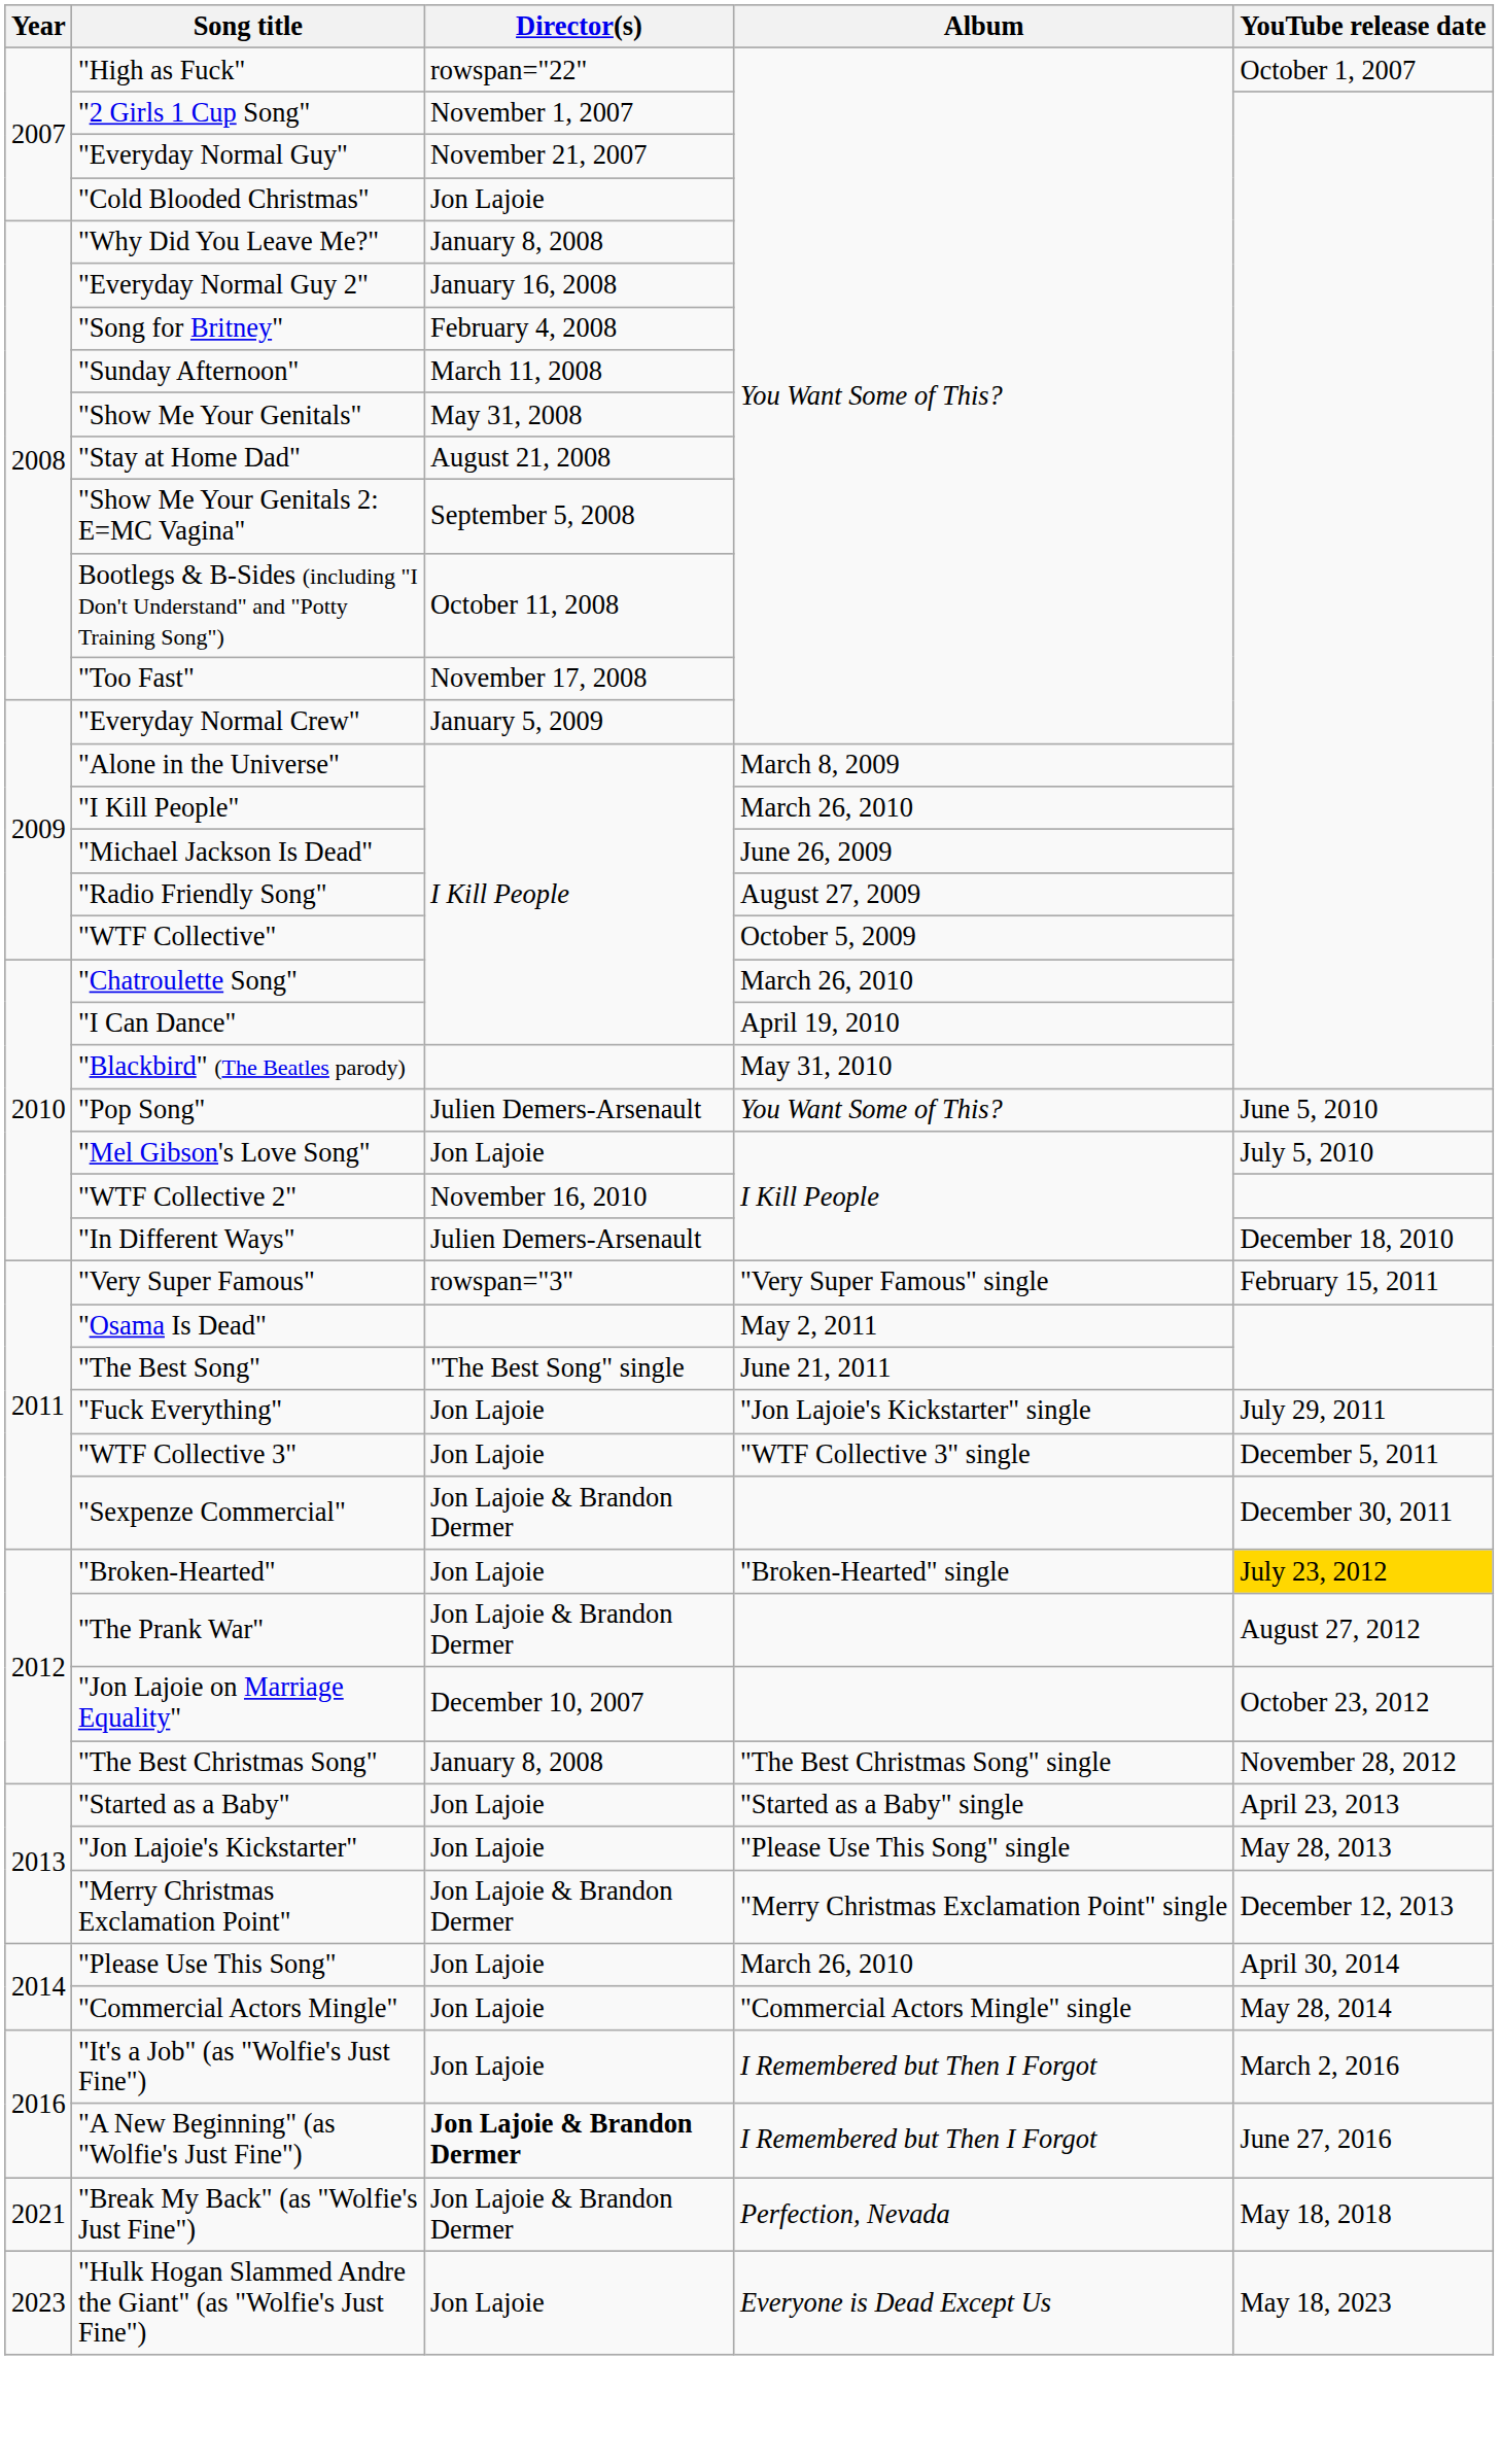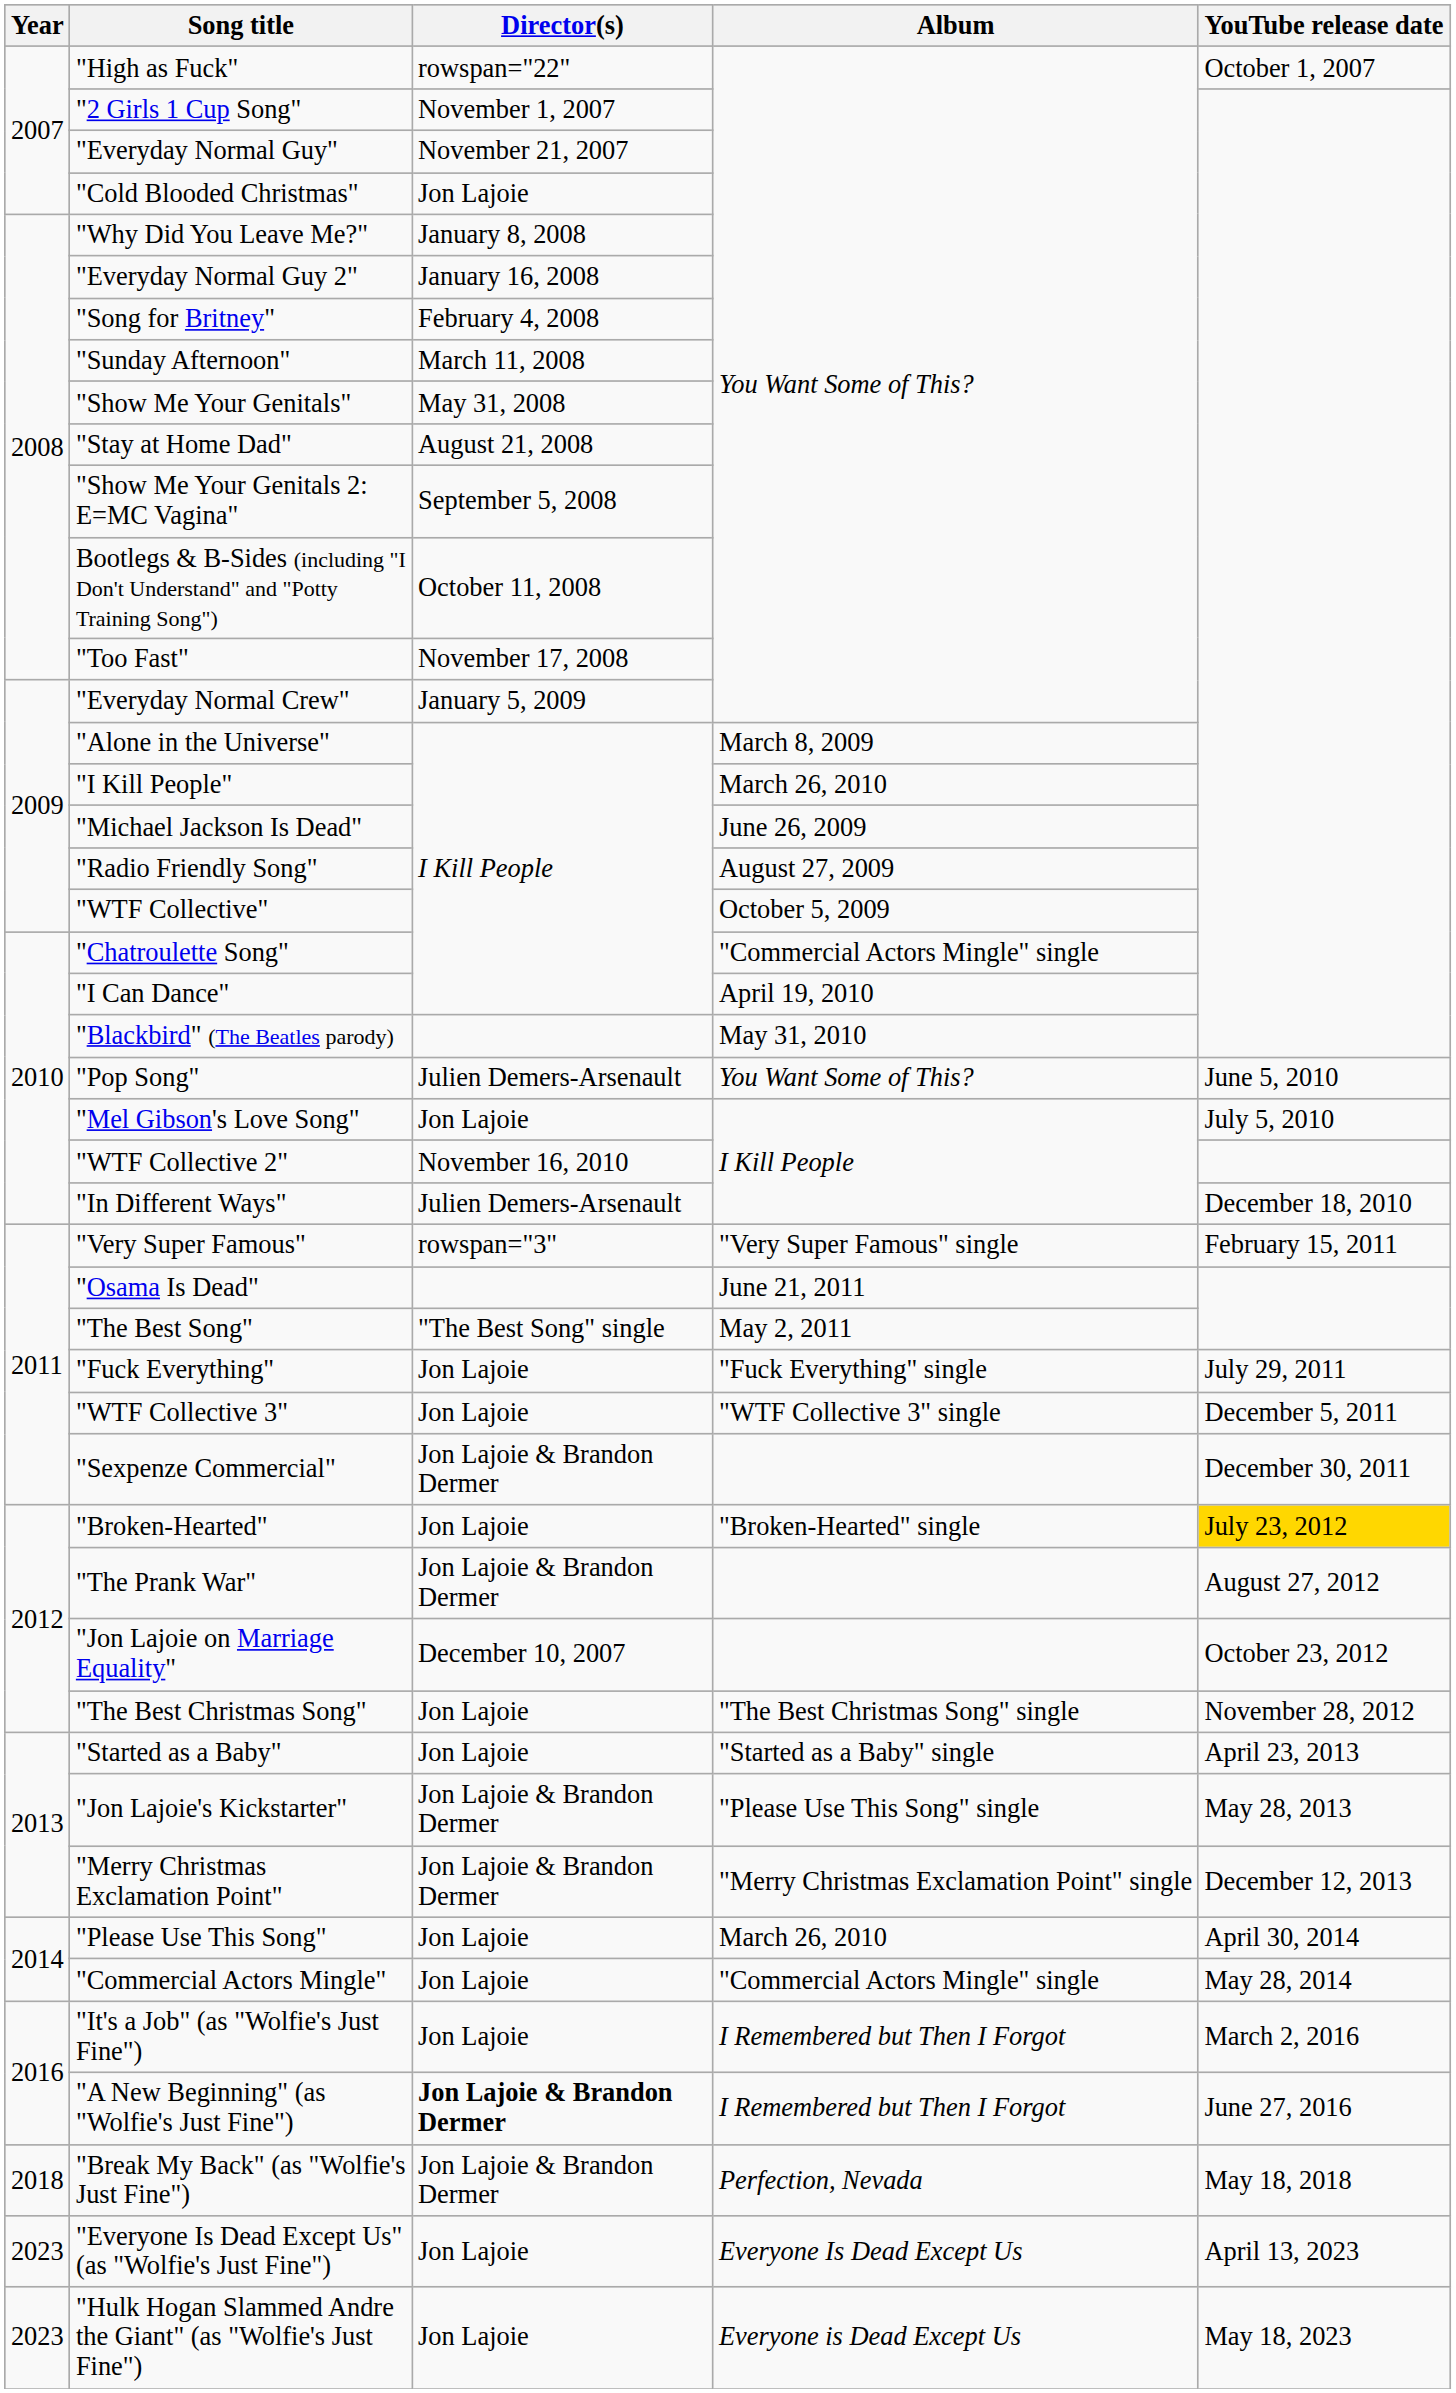 <table class="wikitable">
 <tr>
 <th>Year</th>
 <th width="200">Song title</th>
 <th width="175"><a href='#'>Director</a>(s)</th>
 <th>Album</th>
 <th>YouTube release date</th>
 </tr>
 <tr>
 <td rowspan="4">2007</td>
 <td>"High as Fuck"</td>
 <td>rowspan="22" </td>
 <td rowspan="14"><em>You Want Some of This?</em></td>
 <td>October 1, 2007</td>
 </tr>
 <tr>
 <td>"<a href='#'>2 Girls 1 Cup</a> Song"</td>
 <td>November 1, 2007</td>
 </tr>
 <tr>
 <td>"Everyday Normal Guy"</td>
 <td>November 21, 2007</td>
 </tr>
 <tr>
 <td>"Cold Blooded Christmas"</td>
 <td>Jon Lajoie</td>
 </tr>
 <tr>
 <td rowspan="9">2008</td>
 <td>"Why Did You Leave Me?"</td>
 <td>January 8, 2008</td>
 </tr>
 <tr>
 <td>"Everyday Normal Guy 2"</td>
 <td>January 16, 2008</td>
 </tr>
 <tr>
 <td>"Song for <a href='#'>Britney</a>"</td>
 <td>February 4, 2008</td>
 </tr>
 <tr>
 <td>"Sunday Afternoon"</td>
 <td>March 11, 2008</td>
 </tr>
 <tr>
 <td>"Show Me Your Genitals"</td>
 <td>May 31, 2008</td>
 </tr>
 <tr>
 <td>"Stay at Home Dad"</td>
 <td>August 21, 2008</td>
 </tr>
 <tr>
 <td>"Show Me Your Genitals 2: E=MC Vagina"</td>
 <td>September 5, 2008</td>
 </tr>
 <tr>
 <td>Bootlegs & B-Sides <small>(including "I Don't Understand" and "Potty Training Song")</small></td>
 <td>October 11, 2008</td>
 </tr>
 <tr>
 <td>"Too Fast"</td>
 <td>November 17, 2008</td>
 </tr>
 <tr>
 <td rowspan="6">2009</td>
 <td>"Everyday Normal Crew"</td>
 <td>January 5, 2009</td>
 </tr>
 <tr>
 <td>"Alone in the Universe"</td>
 <td rowspan="7"><em>I Kill People</em></td>
 <td>March 8, 2009</td>
 </tr>
 <tr>
 <td>"I Kill People"</td>
 <td>March 26, 2010</td>
 </tr>
 <tr>
 <td>"Michael Jackson Is Dead"</td>
 <td>June 26, 2009</td>
 </tr>
 <tr>
 <td>"Radio Friendly Song"</td>
 <td>August 27, 2009</td>
 </tr>
 <tr>
 <td>"WTF Collective"</td>
 <td>October 5, 2009</td>
 </tr>
 <tr>
 <td rowspan="7">2010</td>
 <td>"<a href='#'>Chatroulette</a> Song"</td>
-<td>March 26, 2010</td>
+<td>"Commercial Actors Mingle" single</td>
 </tr>
 <tr>
 <td>"I Can Dance"</td>
 <td>April 19, 2010</td>
 </tr>
 <tr>
 <td>"<a href='#'>Blackbird</a>" <small>(<a href='#'>The Beatles</a> parody)</small></td>
 <td></td>
 <td>May 31, 2010</td>
 </tr>
 <tr>
 <td>"Pop Song"</td>
 <td>Julien Demers-Arsenault</td>
 <td><em>You Want Some of This?</em></td>
 <td>June 5, 2010</td>
 </tr>
 <tr>
 <td>"<a href='#'>Mel Gibson</a>'s Love Song"</td>
 <td>Jon Lajoie</td>
 <td rowspan="3"><em>I Kill People</em></td>
 <td>July 5, 2010</td>
 </tr>
 <tr>
 <td>"WTF Collective 2"</td>
 <td>November 16, 2010</td>
 </tr>
 <tr>
 <td>"In Different Ways"</td>
 <td>Julien Demers-Arsenault</td>
 <td>December 18, 2010</td>
 </tr>
 <tr>
 <td rowspan="6">2011</td>
 <td>"Very Super Famous"</td>
 <td>rowspan="3" </td>
 <td>"Very Super Famous" single</td>
 <td>February 15, 2011</td>
 </tr>
 <tr>
 <td>"<a href='#'>Osama</a> Is Dead"</td>
 <td></td>
-<td>May 2, 2011</td>
+<td>June 21, 2011</td>
 </tr>
 <tr>
 <td>"The Best Song"</td>
 <td>"The Best Song" single</td>
-<td>June 21, 2011</td>
+<td>May 2, 2011</td>
 </tr>
 <tr>
 <td>"Fuck Everything"</td>
 <td>Jon Lajoie</td>
-<td>"Jon Lajoie's Kickstarter" single</td>
+<td>"Fuck Everything" single</td>
 <td>July 29, 2011</td>
 </tr>
 <tr>
 <td>"WTF Collective 3"</td>
 <td>Jon Lajoie</td>
 <td>"WTF Collective 3" single</td>
 <td>December 5, 2011</td>
 </tr>
 <tr>
 <td>"Sexpenze Commercial"</td>
 <td>Jon Lajoie & Brandon Dermer</td>
 <td></td>
 <td>December 30, 2011</td>
 </tr>
 <tr>
 <td rowspan="4">2012</td>
 <td>"Broken-Hearted"</td>
 <td>Jon Lajoie</td>
 <td>"Broken-Hearted" single</td>
 <td style="background: gold;">July 23, 2012</td>
 </tr>
 <tr>
 <td>"The Prank War"</td>
 <td>Jon Lajoie & Brandon Dermer</td>
 <td></td>
 <td>August 27, 2012</td>
 </tr>
 <tr>
 <td>"Jon Lajoie on <a href='#'>Marriage Equality</a>"</td>
 <td>December 10, 2007</td>
 <td></td>
 <td>October 23, 2012</td>
 </tr>
 <tr>
 <td>"The Best Christmas Song"</td>
-<td>January 8, 2008</td>
+<td>Jon Lajoie</td>
 <td>"The Best Christmas Song" single</td>
 <td>November 28, 2012</td>
 </tr>
 <tr>
 <td rowspan="3">2013</td>
 <td>"Started as a Baby"</td>
 <td>Jon Lajoie</td>
 <td>"Started as a Baby" single</td>
 <td>April 23, 2013</td>
 </tr>
 <tr>
 <td>"Jon Lajoie's Kickstarter"</td>
-<td>Jon Lajoie</td>
+<td>Jon Lajoie & Brandon Dermer</td>
 <td>"Please Use This Song" single</td>
 <td>May 28, 2013</td>
 </tr>
 <tr>
 <td>"Merry Christmas Exclamation Point"</td>
 <td>Jon Lajoie & Brandon Dermer</td>
 <td>"Merry Christmas Exclamation Point" single</td>
 <td>December 12, 2013</td>
 </tr>
 <tr>
 <td rowspan="2">2014</td>
 <td>"Please Use This Song"</td>
 <td>Jon Lajoie</td>
 <td>March 26, 2010</td>
 <td>April 30, 2014</td>
 </tr>
 <tr>
 <td>"Commercial Actors Mingle"</td>
 <td>Jon Lajoie</td>
 <td>"Commercial Actors Mingle" single</td>
 <td>May 28, 2014</td>
 </tr>
 <tr>
 <td rowspan="2">2016</td>
 <td>"It's a Job" (as "Wolfie's Just Fine")</td>
 <td>Jon Lajoie</td>
 <td><em>I Remembered but Then I Forgot</em></td>
 <td>March 2, 2016</td>
 </tr>
 <tr>
 <td>"A New Beginning" (as "Wolfie's Just Fine")</td>
 <td><strong>Jon Lajoie & Brandon Dermer</strong></td>
 <td><em>I Remembered but Then I Forgot</em></td>
 <td>June 27, 2016</td>
 </tr>
 <tr>
-<td>2021</td>
+<td>2018</td>
 <td>"Break My Back" (as "Wolfie's Just Fine")</td>
 <td>Jon Lajoie & Brandon Dermer</td>
 <td><em>Perfection, Nevada</em></td>
 <td>May 18, 2018</td>
+</tr>
+<tr>
+<td>2023</td>
+<td>"Everyone Is Dead Except Us" (as "Wolfie's Just Fine")</td>
+<td>Jon Lajoie</td>
+<td><em>Everyone Is Dead Except Us</em></td>
+<td>April 13, 2023</td>
 </tr>
 <tr>
 <td>2023</td>
 <td>"Hulk Hogan Slammed Andre the Giant" (as "Wolfie's Just Fine")</td>
 <td>Jon Lajoie</td>
 <td><em>Everyone is Dead Except Us</em></td>
 <td>May 18, 2023</td>
 </tr>
 </table>
